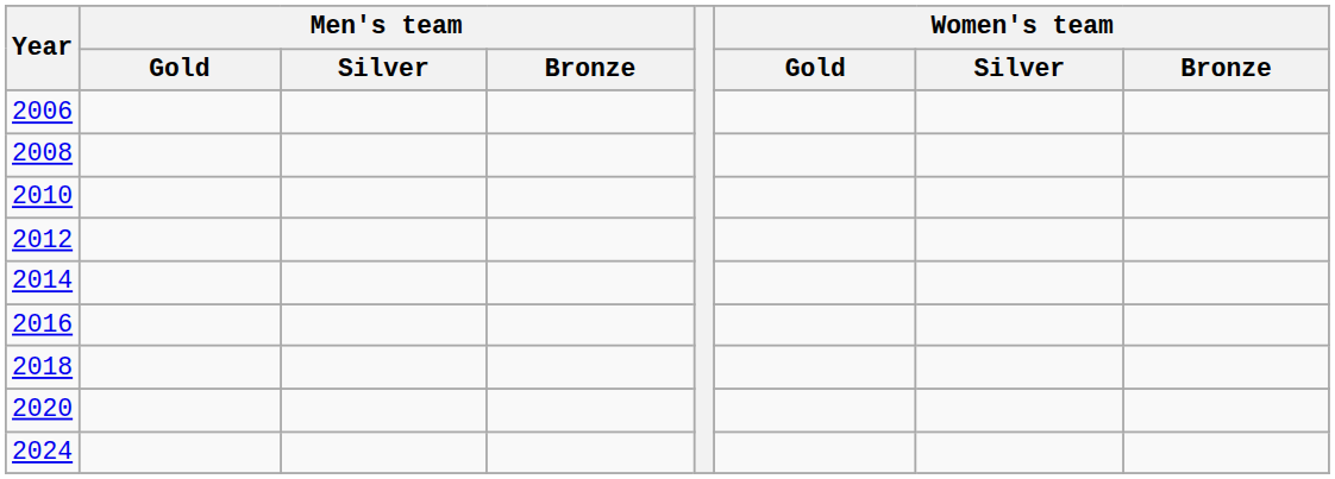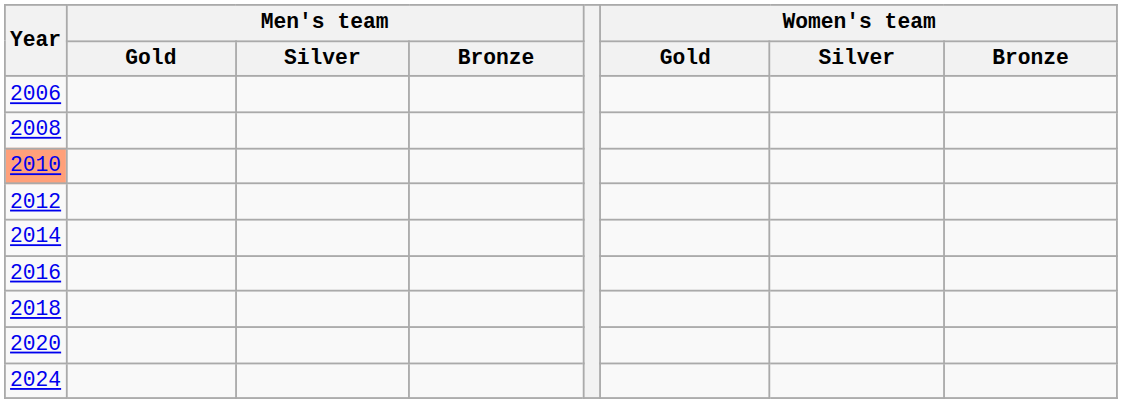 <table class=wikitable style="font-size:90%; text-align:center">
 <tr>
 <th rowspan=2>Year</th>
 <th colspan=3>Men's team</th>
 <th width=5 rowspan=11></th>
 <th colspan=3>Women's team</th>
 </tr>
 <tr>
 <th width=100>Gold</th>
 <th width=100>Silver</th>
 <th width=100>Bronze</th>
 <th width=100>Gold</th>
 <th width=100>Silver</th>
 <th width=100>Bronze</th>
 </tr>
 <tr>
 <td><a href='#'>2006</a></td>
 <td><strong></strong></td>
 <td></td>
 <td></td>
 <td><strong></strong></td>
 <td></td>
 <td></td>
 </tr>
 <tr>
 <td><a href='#'>2008</a></td>
 <td><strong></strong></td>
 <td></td>
 <td></td>
 <td><strong></strong></td>
 <td></td>
 <td></td>
 </tr>
 <tr>
-<td><a href='#'>2010</a></td>
+<td style="background: lightsalmon;"><a href='#'>2010</a></td>
 <td><strong></strong></td>
 <td></td>
 <td></td>
 <td><strong></strong></td>
 <td></td>
 <td></td>
 </tr>
 <tr>
 <td><a href='#'>2012</a></td>
 <td><strong></strong></td>
 <td></td>
 <td></td>
 <td><strong></strong></td>
 <td></td>
 <td></td>
 </tr>
 <tr>
 <td><a href='#'>2014</a></td>
 <td><strong></strong></td>
 <td></td>
 <td><br></td>
 <td><strong></strong></td>
 <td></td>
 <td><br></td>
 </tr>
 <tr>
 <td><a href='#'>2016</a></td>
 <td><strong></strong></td>
 <td></td>
 <td><br></td>
 <td><strong></strong></td>
 <td></td>
 <td><br></td>
 </tr>
 <tr>
 <td><a href='#'>2018</a></td>
 <td><strong></strong></td>
 <td></td>
 <td><br></td>
 <td><strong></strong></td>
 <td></td>
 <td><br></td>
 </tr>
 <tr>
 <td><a href='#'>2020</a></td>
 <td><strong></strong></td>
 <td></td>
 <td><br></td>
 <td><strong></strong></td>
 <td></td>
 <td><br></td>
 </tr>
 <tr>
 <td><a href='#'>2024</a></td>
 <td><strong></strong></td>
 <td></td>
 <td><br></td>
 <td><strong></strong></td>
 <td></td>
 <td><br></td>
 </tr>
 </table>
